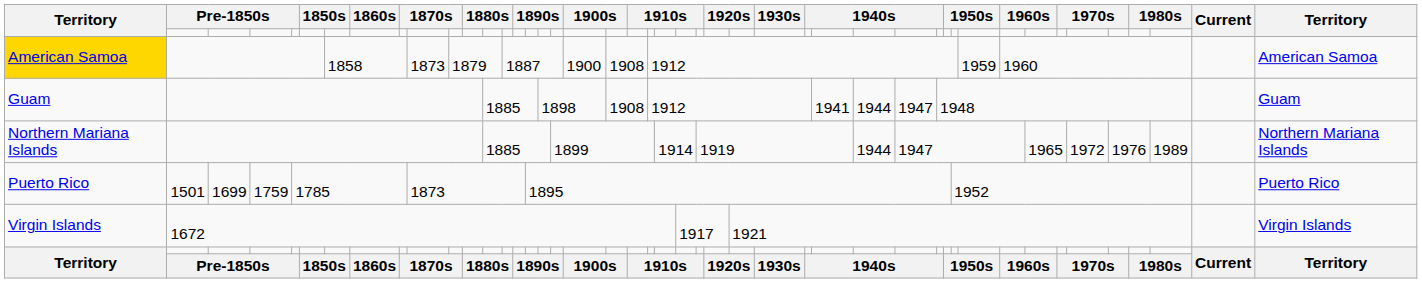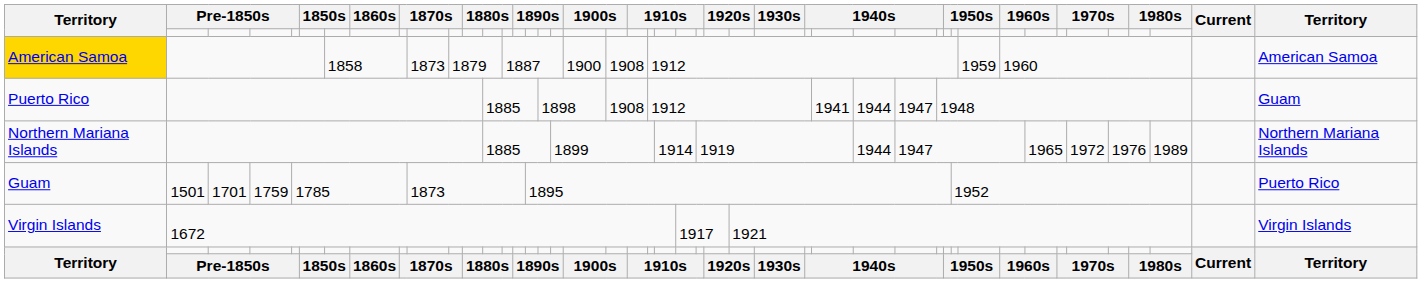 <table class="wikitable">
 <tr>
 <th rowspan="2" style="min-width:10em">Territory</th>
 <th colspan="4">Pre-1850s</th>
 <th colspan="2">1850s</th>
 <th>1860s</th>
 <th colspan="3">1870s</th>
 <th colspan="3">1880s</th>
 <th colspan="4">1890s</th>
 <th colspan="2">1900s</th>
 <th colspan="5">1910s</th>
 <th colspan="2">1920s</th>
 <th>1930s</th>
 <th colspan="5">1940s</th>
 <th colspan="3">1950s</th>
 <th colspan="2">1960s</th>
 <th colspan="3">1970s</th>
 <th colspan="2">1980s</th>
 <th rowspan="2">Current</th>
 <th rowspan="2" style="min-width:10em">Territory</th>
 </tr>
 <tr>
 <td></td>
 <td></td>
 <td></td>
 <td></td>
 <td></td>
 <td></td>
 <td></td>
 <td></td>
 <td></td>
 <td></td>
 <td></td>
 <td></td>
 <td></td>
 <td></td>
 <td></td>
 <td></td>
 <td></td>
 <td></td>
 <td></td>
 <td></td>
 <td></td>
 <td></td>
 <td></td>
 <td></td>
 <td></td>
 <td></td>
 <td></td>
 <td></td>
 <td></td>
 <td></td>
 <td></td>
 <td></td>
 <td></td>
 <td></td>
 <td></td>
 <td></td>
 <td></td>
 <td></td>
 <td></td>
 <td></td>
 <td></td>
 <td></td>
 </tr>
 <tr>
 <td style="background: gold;"><a href='#'>American Samoa</a></td>
 <td colspan="5"></td>
 <td colspan="3"><br>1858</td>
 <td><br>1873</td>
 <td colspan="3"><br>1879</td>
 <td colspan="5"><br>1887</td>
 <td><br>1900</td>
 <td colspan="2"><br>1908</td>
 <td colspan="14"><br>1912</td>
 <td><br>1959</td>
 <td colspan="7"><br>1960</td>
 <td></td>
 <td><a href='#'>American Samoa</a></td>
 </tr>
 <tr>
-<td><a href='#'>Guam</a></td>
+<td><a href='#'>Puerto Rico</a></td>
 <td colspan="11"></td>
 <td colspan="4"><br>1885</td>
 <td colspan="3"><br>1898</td>
 <td colspan="2"><br>1908</td>
 <td colspan="8"><br>1912</td>
 <td><br>1941</td>
 <td><br>1944</td>
 <td><br>1947</td>
 <td colspan="11"><br>1948</td>
 <td></td>
 <td><a href='#'>Guam</a></td>
 </tr>
 <tr>
 <td><a href='#'>Northern Mariana Islands</a></td>
 <td colspan="11"></td>
 <td colspan="5"><br>1885</td>
 <td colspan="5"><br>1899</td>
 <td colspan="2"><br>1914</td>
 <td colspan="6"><br>1919</td>
 <td><br>1944</td>
 <td colspan="6"><br>1947</td>
 <td colspan="2"><br>1965</td>
 <td><br>1972</td>
 <td colspan="2"><br>1976</td>
 <td><br>1989</td>
 <td></td>
 <td><a href='#'>Northern Mariana Islands</a></td>
 </tr>
 <tr>
-<td><a href='#'>Puerto Rico</a></td>
+<td><a href='#'>Guam</a></td>
 <td><br>1501</td>
-<td><br>1699</td>
+<td><br>1701</td>
 <td><br>1759</td>
 <td colspan="5"><br>1785</td>
 <td colspan="6"><br>1873</td>
 <td colspan="19"><br>1895</td>
 <td colspan="9"><br>1952</td>
 <td></td>
 <td><a href='#'>Puerto Rico</a></td>
 </tr>
 <tr>
 <td><a href='#'>Virgin Islands</a></td>
 <td colspan="22"><br>1672</td>
 <td colspan="3"><br>1917</td>
 <td colspan="17"><br>1921</td>
 <td></td>
 <td><a href='#'>Virgin Islands</a></td>
 </tr>
 <tr>
 <th rowspan="2">Territory</th>
 <td></td>
 <td></td>
 <td></td>
 <td></td>
 <td></td>
 <td></td>
 <td></td>
 <td></td>
 <td></td>
 <td></td>
 <td></td>
 <td></td>
 <td></td>
 <td></td>
 <td></td>
 <td></td>
 <td></td>
 <td></td>
 <td></td>
 <td></td>
 <td></td>
 <td></td>
 <td></td>
 <td></td>
 <td></td>
 <td></td>
 <td></td>
 <td></td>
 <td></td>
 <td></td>
 <td></td>
 <td></td>
 <td></td>
 <td></td>
 <td></td>
 <td></td>
 <td></td>
 <td></td>
 <td></td>
 <td></td>
 <td></td>
 <td></td>
 <th rowspan="2">Current</th>
 <th rowspan="2">Territory</th>
 </tr>
 <tr>
 <th colspan="4">Pre-1850s</th>
 <th colspan="2">1850s</th>
 <th>1860s</th>
 <th colspan="3">1870s</th>
 <th colspan="3">1880s</th>
 <th colspan="4">1890s</th>
 <th colspan="2">1900s</th>
 <th colspan="5">1910s</th>
 <th colspan="2">1920s</th>
 <th>1930s</th>
 <th colspan="5">1940s</th>
 <th colspan="3">1950s</th>
 <th colspan="2">1960s</th>
 <th colspan="3">1970s</th>
 <th colspan="2">1980s</th>
 </tr>
 </table>
